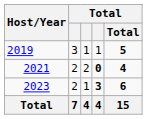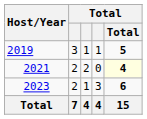 <table class="wikitable" style="font-size:90%; text-align:center;">
 <tr>
 <th rowspan=2>Host/Year</th>
 <th colspan=4;>Total</th>
 </tr>
 <tr>
 <th></th>
 <th></th>
 <th></th>
 <th><strong>Total</strong></th>
 </tr>
 <tr>
 <td align=left> <a href='#'>2019</a></td>
 <td>3</td>
 <td>1</td>
 <td>1</td>
 <td><strong>5</strong></td>
 </tr>
 <tr>
 <td> <a href='#'>2021</a></td>
 <td>2</td>
 <td>2</td>
-<td><strong>0</strong></td>
-<td><strong>4</strong></td>
+<td>0</td>
+<td style="background: lightyellow;"><strong>4</strong></td>
 </tr>
 <tr>
 <td> <a href='#'>2023</a></td>
 <td>2</td>
 <td>1</td>
-<td><strong>3</strong></td>
+<td>3</td>
 <td><strong>6</strong></td>
 </tr>
 <tr>
 <th>Total</th>
 <th>7</th>
 <th>4</th>
 <th>4</th>
 <th>15</th>
 </tr>
 </table>
